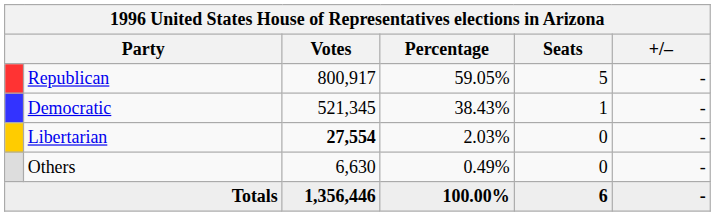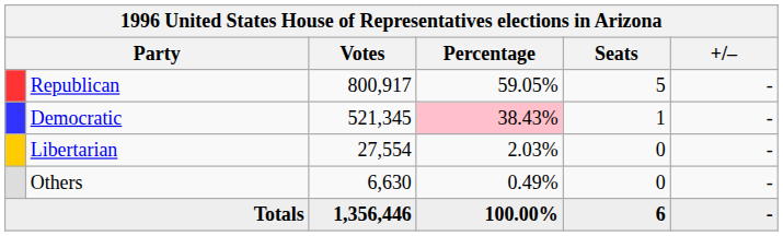 <table class="wikitable" style="font-size: 95%;">
 <tr>
 <th colspan="6">1996 United States House of Representatives elections in Arizona</th>
 </tr>
 <tr>
 <th colspan=2 style="width: 15em">Party</th>
 <th style="width: 5em">Votes</th>
 <th style="width: 7em">Percentage</th>
 <th style="width: 5em">Seats</th>
 <th style="width: 5em">+/–</th>
 </tr>
 <tr>
 <th style="background:#f33; width:3px;"></th>
 <td style="width: 130px"><a href='#'>Republican</a></td>
 <td style="text-align:right;">800,917</td>
 <td style="text-align:right;">59.05%</td>
 <td style="text-align:right;">5</td>
 <td style="text-align:right;">-</td>
 </tr>
 <tr>
 <th style="background:#33f; width:3px;"></th>
 <td style="width: 130px"><a href='#'>Democratic</a></td>
 <td style="text-align:right;">521,345</td>
-<td style="text-align:right;">38.43%</td>
+<td style="background: pink; text-align:right;">38.43%</td>
 <td style="text-align:right;">1</td>
 <td style="text-align:right;">-</td>
 </tr>
 <tr>
 <th style="background:#fc0; width:3px;"></th>
 <td style="width: 130px"><a href='#'>Libertarian</a></td>
-<td style="text-align:right;"><strong>27,554</strong></td>
+<td style="text-align:right;">27,554</td>
 <td style="text-align:right;">2.03%</td>
 <td style="text-align:right;">0</td>
 <td style="text-align:right;">-</td>
 </tr>
 <tr>
 <th style="background:#ddd; width:3px;"></th>
 <td style="width: 130px">Others</td>
 <td style="text-align:right;">6,630</td>
 <td style="text-align:right;">0.49%</td>
 <td style="text-align:right;">0</td>
 <td style="text-align:right;">-</td>
 </tr>
 <tr style="background:#eee; text-align:right;">
 <td colspan="2"><strong>Totals</strong></td>
 <td><strong>1,356,446</strong></td>
 <td><strong>100.00%</strong></td>
 <td><strong>6</strong></td>
 <td><strong>-</strong></td>
 </tr>
 </table>
